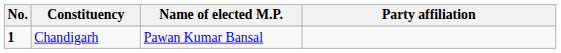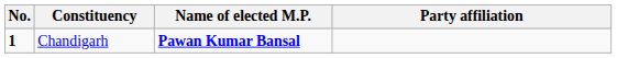 <table class="wikitable">
 <tr style="background:#ccc; text-align:center;">
 <th>No.</th>
 <th style="width:120px">Constituency</th>
 <th style="width:180px">Name of elected M.P.</th>
 <th colspan="2" style="width:18em">Party affiliation</th>
 </tr>
 <tr>
 <td><strong>1</strong></td>
 <td><a href='#'>Chandigarh</a></td>
-<td><a href='#'>Pawan Kumar Bansal</a></td>
+<td><strong><a href='#'>Pawan Kumar Bansal</a></strong></td>
 <td></td>
 </tr>
 </table>
